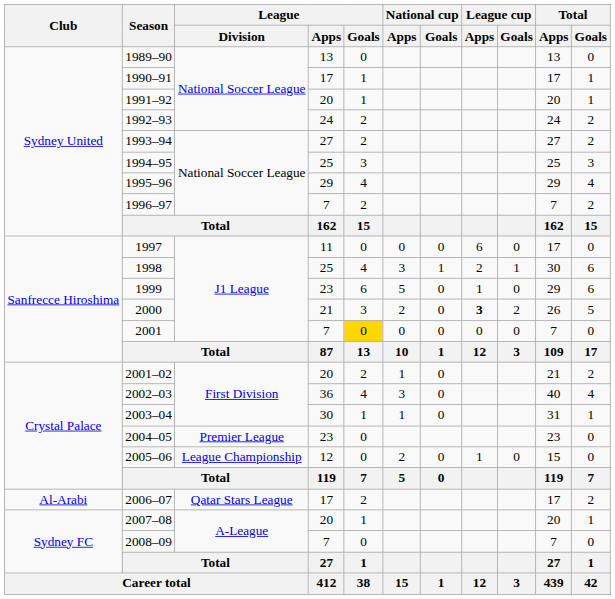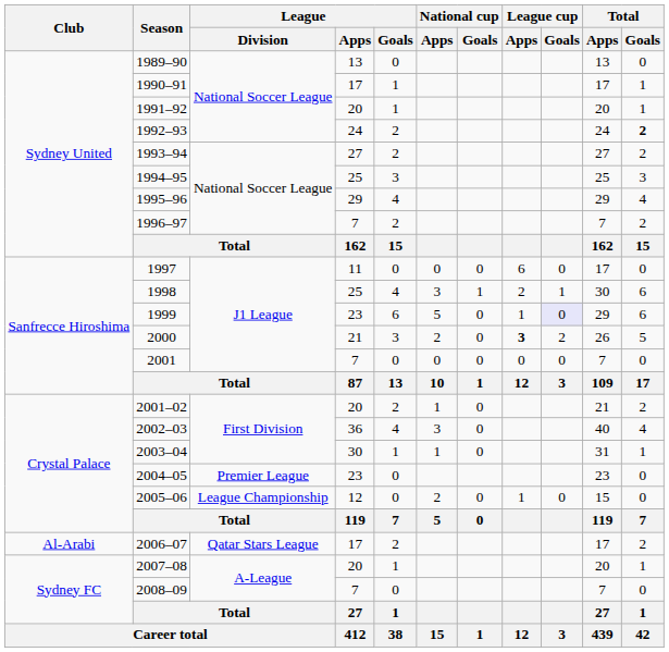 <table class="wikitable" style="text-align:center">
 <tr>
 <th rowspan="2">Club</th>
 <th rowspan="2">Season</th>
 <th colspan="3">League</th>
 <th colspan="2">National cup</th>
 <th colspan="2">League cup</th>
 <th colspan="2">Total</th>
 </tr>
 <tr>
 <th>Division</th>
 <th>Apps</th>
 <th>Goals</th>
 <th>Apps</th>
 <th>Goals</th>
 <th>Apps</th>
 <th>Goals</th>
 <th>Apps</th>
 <th>Goals</th>
 </tr>
 <tr>
 <td rowspan="9"><a href='#'>Sydney United</a></td>
 <td>1989–90</td>
 <td rowspan="4"><a href='#'>National Soccer League</a></td>
 <td>13</td>
 <td>0</td>
 <td></td>
 <td></td>
 <td></td>
 <td></td>
 <td>13</td>
 <td>0</td>
 </tr>
 <tr>
 <td>1990–91</td>
 <td>17</td>
 <td>1</td>
 <td></td>
 <td></td>
 <td></td>
 <td></td>
 <td>17</td>
 <td>1</td>
 </tr>
 <tr>
 <td>1991–92</td>
 <td>20</td>
 <td>1</td>
 <td></td>
 <td></td>
 <td></td>
 <td></td>
 <td>20</td>
 <td>1</td>
 </tr>
 <tr>
 <td>1992–93</td>
 <td>24</td>
 <td>2</td>
 <td></td>
 <td></td>
 <td></td>
 <td></td>
 <td>24</td>
-<td>2</td>
+<td><strong>2</strong></td>
 </tr>
 <tr>
 <td>1993–94</td>
 <td rowspan="4">National Soccer League</td>
 <td>27</td>
 <td>2</td>
 <td></td>
 <td></td>
 <td></td>
 <td></td>
 <td>27</td>
 <td>2</td>
 </tr>
 <tr>
 <td>1994–95</td>
 <td>25</td>
 <td>3</td>
 <td></td>
 <td></td>
 <td></td>
 <td></td>
 <td>25</td>
 <td>3</td>
 </tr>
 <tr>
 <td>1995–96</td>
 <td>29</td>
 <td>4</td>
 <td></td>
 <td></td>
 <td></td>
 <td></td>
 <td>29</td>
 <td>4</td>
 </tr>
 <tr>
 <td>1996–97</td>
 <td>7</td>
 <td>2</td>
 <td></td>
 <td></td>
 <td></td>
 <td></td>
 <td>7</td>
 <td>2</td>
 </tr>
 <tr>
 <th colspan="2">Total</th>
 <th>162</th>
 <th>15</th>
 <th></th>
 <th></th>
 <th></th>
 <th></th>
 <th>162</th>
 <th>15</th>
 </tr>
 <tr>
 <td rowspan="6"><a href='#'>Sanfrecce Hiroshima</a></td>
 <td>1997</td>
 <td rowspan="5"><a href='#'>J1 League</a></td>
 <td>11</td>
 <td>0</td>
 <td>0</td>
 <td>0</td>
 <td>6</td>
 <td>0</td>
 <td>17</td>
 <td>0</td>
 </tr>
 <tr>
 <td>1998</td>
 <td>25</td>
 <td>4</td>
 <td>3</td>
 <td>1</td>
 <td>2</td>
 <td>1</td>
 <td>30</td>
 <td>6</td>
 </tr>
 <tr>
 <td>1999</td>
 <td>23</td>
 <td>6</td>
 <td>5</td>
 <td>0</td>
 <td>1</td>
-<td>0</td>
+<td style="background: lavender;">0</td>
 <td>29</td>
 <td>6</td>
 </tr>
 <tr>
 <td>2000</td>
 <td>21</td>
 <td>3</td>
 <td>2</td>
 <td>0</td>
 <td><strong>3</strong></td>
 <td>2</td>
 <td>26</td>
 <td>5</td>
 </tr>
 <tr>
 <td>2001</td>
 <td>7</td>
-<td style="background: gold;">0</td>
+<td>0</td>
 <td>0</td>
 <td>0</td>
 <td>0</td>
 <td>0</td>
 <td>7</td>
 <td>0</td>
 </tr>
 <tr>
 <th colspan="2">Total</th>
 <th>87</th>
 <th>13</th>
 <th>10</th>
 <th>1</th>
 <th>12</th>
 <th>3</th>
 <th>109</th>
 <th>17</th>
 </tr>
 <tr>
 <td rowspan="6"><a href='#'>Crystal Palace</a></td>
 <td>2001–02</td>
 <td rowspan="3"><a href='#'>First Division</a></td>
 <td>20</td>
 <td>2</td>
 <td>1</td>
 <td>0</td>
 <td></td>
 <td></td>
 <td>21</td>
 <td>2</td>
 </tr>
 <tr>
 <td>2002–03</td>
 <td>36</td>
 <td>4</td>
 <td>3</td>
 <td>0</td>
 <td></td>
 <td></td>
 <td>40</td>
 <td>4</td>
 </tr>
 <tr>
 <td>2003–04</td>
 <td>30</td>
 <td>1</td>
 <td>1</td>
 <td>0</td>
 <td></td>
 <td></td>
 <td>31</td>
 <td>1</td>
 </tr>
 <tr>
 <td>2004–05</td>
 <td><a href='#'>Premier League</a></td>
 <td>23</td>
 <td>0</td>
 <td></td>
 <td></td>
 <td></td>
 <td></td>
 <td>23</td>
 <td>0</td>
 </tr>
 <tr>
 <td>2005–06</td>
 <td><a href='#'>League Championship</a></td>
 <td>12</td>
 <td>0</td>
 <td>2</td>
 <td>0</td>
 <td>1</td>
 <td>0</td>
 <td>15</td>
 <td>0</td>
 </tr>
 <tr>
 <th colspan="2">Total</th>
 <th>119</th>
 <th>7</th>
 <th>5</th>
 <th>0</th>
 <th></th>
 <th></th>
 <th>119</th>
 <th>7</th>
 </tr>
 <tr>
 <td><a href='#'>Al-Arabi</a></td>
 <td>2006–07</td>
 <td><a href='#'>Qatar Stars League</a></td>
 <td>17</td>
 <td>2</td>
 <td></td>
 <td></td>
 <td></td>
 <td></td>
 <td>17</td>
 <td>2</td>
 </tr>
 <tr>
 <td rowspan="3"><a href='#'>Sydney FC</a></td>
 <td>2007–08</td>
 <td rowspan="2"><a href='#'>A-League</a></td>
 <td>20</td>
 <td>1</td>
 <td></td>
 <td></td>
 <td></td>
 <td></td>
 <td>20</td>
 <td>1</td>
 </tr>
 <tr>
 <td>2008–09</td>
 <td>7</td>
 <td>0</td>
 <td></td>
 <td></td>
 <td></td>
 <td></td>
 <td>7</td>
 <td>0</td>
 </tr>
 <tr>
 <th colspan="2">Total</th>
 <th>27</th>
 <th>1</th>
 <th></th>
 <th></th>
 <th></th>
 <th></th>
 <th>27</th>
 <th>1</th>
 </tr>
 <tr>
 <th colspan="3">Career total</th>
 <th>412</th>
 <th>38</th>
 <th>15</th>
 <th>1</th>
 <th>12</th>
 <th>3</th>
 <th>439</th>
 <th>42</th>
 </tr>
 </table>
